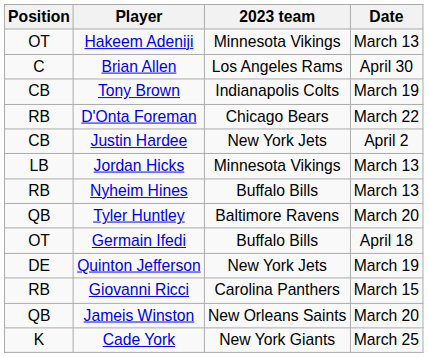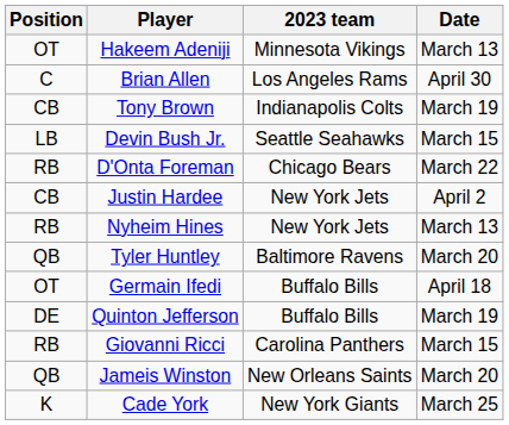 <table class="wikitable" style="text-align:center">
 <tr align=center>
 <th>Position</th>
 <th>Player</th>
 <th>2023 team</th>
 <th>Date</th>
 </tr>
 <tr>
 <td>OT</td>
 <td><a href='#'>Hakeem Adeniji</a></td>
 <td>Minnesota Vikings</td>
 <td>March 13</td>
 </tr>
 <tr>
 <td>C</td>
 <td><a href='#'>Brian Allen</a></td>
 <td>Los Angeles Rams</td>
 <td>April 30</td>
 </tr>
 <tr>
 <td>CB</td>
 <td><a href='#'>Tony Brown</a></td>
 <td>Indianapolis Colts</td>
 <td>March 19</td>
 </tr>
 <tr>
+<td>LB</td>
+<td><a href='#'>Devin Bush Jr.</a></td>
+<td>Seattle Seahawks</td>
+<td>March 15</td>
+</tr>
+<tr>
 <td>RB</td>
 <td><a href='#'>D'Onta Foreman</a></td>
 <td>Chicago Bears</td>
 <td>March 22</td>
 </tr>
 <tr>
 <td>CB</td>
 <td><a href='#'>Justin Hardee</a></td>
 <td>New York Jets</td>
 <td>April 2</td>
 </tr>
 <tr>
-<td>LB</td>
-<td><a href='#'>Jordan Hicks</a></td>
-<td>Minnesota Vikings</td>
-<td>March 13</td>
-</tr>
-<tr>
 <td>RB</td>
 <td><a href='#'>Nyheim Hines</a></td>
-<td>Buffalo Bills</td>
+<td>New York Jets</td>
 <td>March 13</td>
 </tr>
 <tr>
 <td>QB</td>
 <td><a href='#'>Tyler Huntley</a></td>
 <td>Baltimore Ravens</td>
 <td>March 20</td>
 </tr>
 <tr>
 <td>OT</td>
 <td><a href='#'>Germain Ifedi</a></td>
 <td>Buffalo Bills</td>
 <td>April 18</td>
 </tr>
 <tr>
 <td>DE</td>
 <td><a href='#'>Quinton Jefferson</a></td>
-<td>New York Jets</td>
+<td>Buffalo Bills</td>
 <td>March 19</td>
 </tr>
 <tr>
 <td>RB</td>
 <td><a href='#'>Giovanni Ricci</a></td>
 <td>Carolina Panthers</td>
 <td>March 15</td>
 </tr>
 <tr>
 <td>QB</td>
 <td><a href='#'>Jameis Winston</a></td>
 <td>New Orleans Saints</td>
 <td>March 20</td>
 </tr>
 <tr>
 <td>K</td>
 <td><a href='#'>Cade York</a></td>
 <td>New York Giants</td>
 <td>March 25</td>
 </tr>
 </table>
